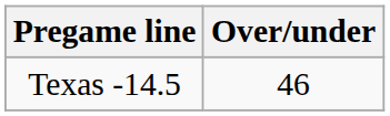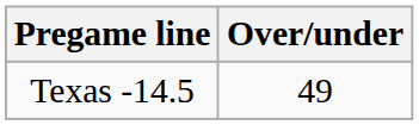 <table class="wikitable" style="margin-left: auto; margin-right: auto; border: none; display: inline-table;">
 <tr align="center">
 <th style=>Pregame line</th>
 <th style=>Over/under</th>
 </tr>
 <tr align="center">
 <td>Texas -14.5</td>
-<td>46</td>
+<td>49</td>
 </tr>
 </table>
